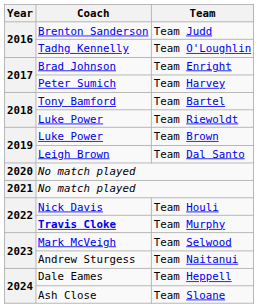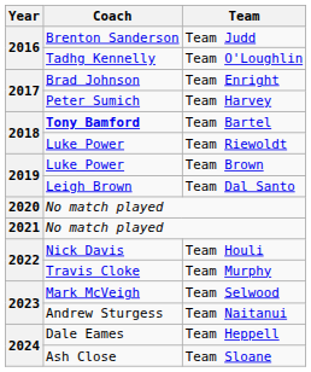 <table class="wikitable sortable">
 <tr>
 <th>Year</th>
 <th>Coach</th>
 <th>Team</th>
 </tr>
 <tr>
 <th rowspan="2">2016</th>
 <td><a href='#'>Brenton Sanderson</a></td>
 <td>Team <a href='#'>Judd</a></td>
 </tr>
 <tr>
 <td><a href='#'>Tadhg Kennelly</a></td>
 <td>Team <a href='#'>O'Loughlin</a></td>
 </tr>
 <tr>
 <th rowspan="2">2017</th>
 <td><a href='#'>Brad Johnson</a></td>
 <td>Team <a href='#'>Enright</a></td>
 </tr>
 <tr>
 <td><a href='#'>Peter Sumich</a></td>
 <td>Team <a href='#'>Harvey</a></td>
 </tr>
 <tr>
 <th rowspan="2">2018</th>
-<td><a href='#'>Tony Bamford</a></td>
+<td><strong><a href='#'>Tony Bamford</a></strong></td>
 <td>Team <a href='#'>Bartel</a></td>
 </tr>
 <tr>
 <td><a href='#'>Luke Power</a></td>
 <td>Team <a href='#'>Riewoldt</a></td>
 </tr>
 <tr>
 <th rowspan="2">2019</th>
 <td><a href='#'>Luke Power</a></td>
 <td>Team <a href='#'>Brown</a></td>
 </tr>
 <tr>
 <td><a href='#'>Leigh Brown</a></td>
 <td>Team <a href='#'>Dal Santo</a></td>
 </tr>
 <tr>
 <th>2020</th>
 <td colspan="2"><em>No match played</em></td>
 </tr>
 <tr>
 <th>2021</th>
 <td colspan="2"><em>No match played</em></td>
 </tr>
 <tr>
 <th rowspan="2">2022</th>
 <td><a href='#'>Nick Davis</a></td>
 <td>Team <a href='#'>Houli</a></td>
 </tr>
 <tr>
-<td><strong><a href='#'>Travis Cloke</a></strong></td>
+<td><a href='#'>Travis Cloke</a></td>
 <td>Team <a href='#'>Murphy</a></td>
 </tr>
 <tr>
 <th rowspan="2">2023</th>
 <td><a href='#'>Mark McVeigh</a></td>
 <td>Team <a href='#'>Selwood</a></td>
 </tr>
 <tr>
 <td>Andrew Sturgess</td>
 <td>Team <a href='#'>Naitanui</a></td>
 </tr>
 <tr>
 <th rowspan="2">2024</th>
 <td>Dale Eames</td>
 <td>Team <a href='#'>Heppell</a></td>
 </tr>
 <tr>
 <td>Ash Close</td>
 <td>Team <a href='#'>Sloane</a></td>
 </tr>
 </table>
